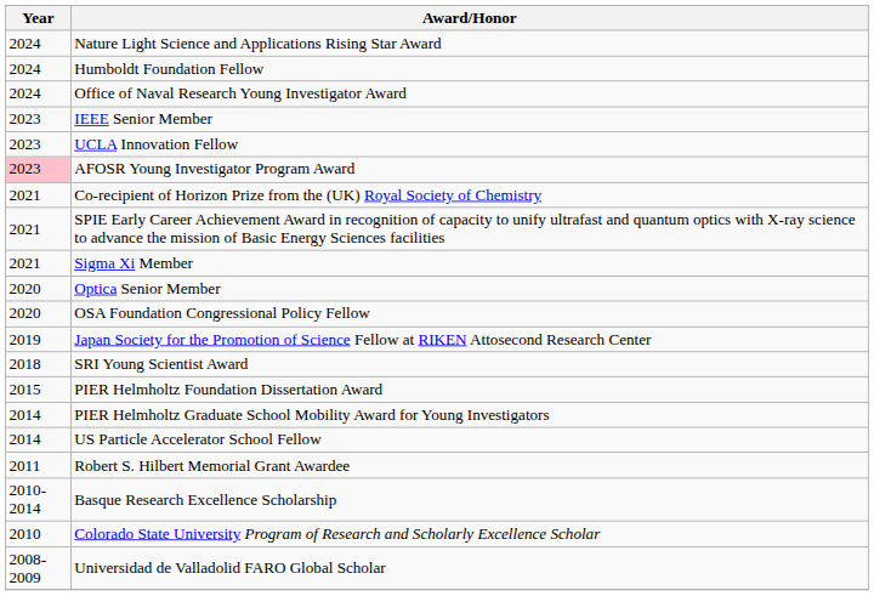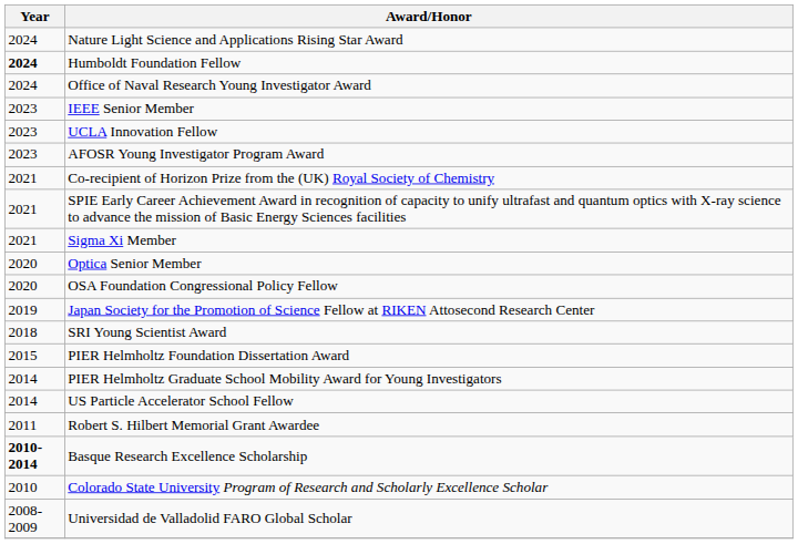 <table class="wikitable">
 <tr>
 <th>Year</th>
 <th>Award/Honor</th>
 </tr>
 <tr>
 <td>2024</td>
 <td>Nature Light Science and Applications Rising Star Award</td>
 </tr>
 <tr>
-<td>2024</td>
+<td><strong>2024</strong></td>
 <td>Humboldt Foundation Fellow</td>
 </tr>
 <tr>
 <td>2024</td>
 <td>Office of Naval Research Young Investigator Award</td>
 </tr>
 <tr>
 <td>2023</td>
 <td><a href='#'>IEEE</a> Senior Member</td>
 </tr>
 <tr>
 <td>2023</td>
 <td><a href='#'>UCLA</a> Innovation Fellow</td>
 </tr>
 <tr>
-<td style="background: pink;">2023</td>
+<td>2023</td>
 <td>AFOSR Young Investigator Program Award</td>
 </tr>
 <tr>
 <td>2021</td>
 <td>Co-recipient of Horizon Prize from the (UK) <a href='#'>Royal Society of Chemistry</a></td>
 </tr>
 <tr>
 <td>2021</td>
 <td>SPIE Early Career Achievement Award in recognition of capacity to unify ultrafast and quantum optics with X-ray science to advance the mission of Basic Energy Sciences facilities</td>
 </tr>
 <tr>
 <td>2021</td>
 <td><a href='#'>Sigma Xi</a> Member</td>
 </tr>
 <tr>
 <td>2020</td>
 <td><a href='#'>Optica</a> Senior Member</td>
 </tr>
 <tr>
 <td>2020</td>
 <td>OSA Foundation Congressional Policy Fellow</td>
 </tr>
 <tr>
 <td>2019</td>
 <td><a href='#'>Japan Society for the Promotion of Science</a> Fellow at <a href='#'>RIKEN</a> Attosecond Research Center</td>
 </tr>
 <tr>
 <td>2018</td>
 <td>SRI Young Scientist Award</td>
 </tr>
 <tr>
 <td>2015</td>
 <td>PIER Helmholtz Foundation Dissertation Award</td>
 </tr>
 <tr>
 <td>2014</td>
 <td>PIER Helmholtz Graduate School Mobility Award for Young Investigators</td>
 </tr>
 <tr>
 <td>2014</td>
 <td>US Particle Accelerator School Fellow</td>
 </tr>
 <tr>
 <td>2011</td>
 <td>Robert S. Hilbert Memorial Grant Awardee</td>
 </tr>
 <tr>
-<td>2010-2014</td>
+<td><strong>2010-2014</strong></td>
 <td>Basque Research Excellence Scholarship</td>
 </tr>
 <tr>
 <td>2010</td>
 <td><a href='#'>Colorado State University</a> <em>Program of Research and Scholarly Excellence Scholar</em></td>
 </tr>
 <tr>
 <td>2008-2009</td>
 <td>Universidad de Valladolid FARO Global Scholar</td>
 </tr>
 <tr>
 </tr>
 </table>
